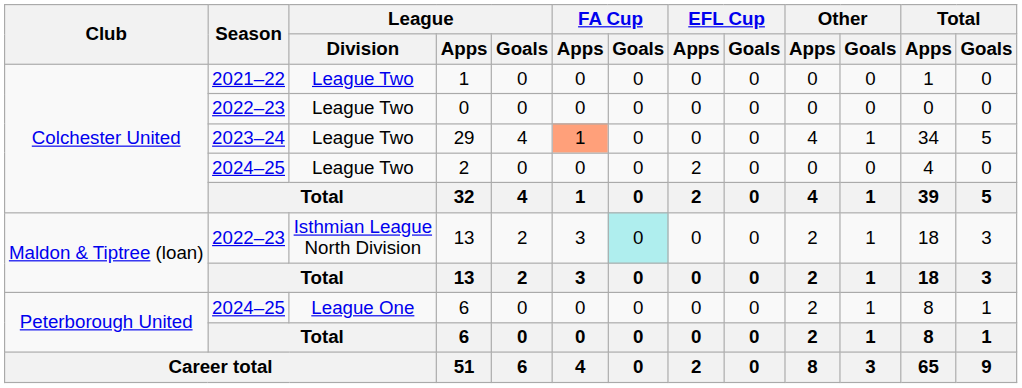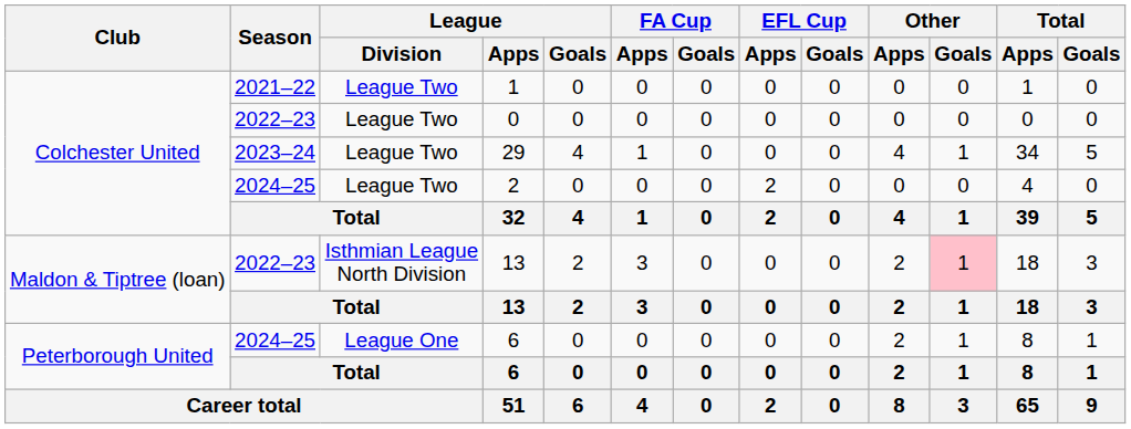 <table class="wikitable" style="text-align:center;">
 <tr>
 <th rowspan="2">Club</th>
 <th rowspan="2">Season</th>
 <th colspan="3">League</th>
 <th colspan="2"><a href='#'>FA Cup</a></th>
 <th colspan="2"><a href='#'>EFL Cup</a></th>
 <th colspan="2">Other</th>
 <th colspan="2">Total</th>
 </tr>
 <tr>
 <th>Division</th>
 <th>Apps</th>
 <th>Goals</th>
 <th>Apps</th>
 <th>Goals</th>
 <th>Apps</th>
 <th>Goals</th>
 <th>Apps</th>
 <th>Goals</th>
 <th>Apps</th>
 <th>Goals</th>
 </tr>
 <tr>
 <td rowspan="5"><a href='#'>Colchester United</a></td>
 <td><a href='#'>2021–22</a></td>
 <td><a href='#'>League Two</a></td>
 <td>1</td>
 <td>0</td>
 <td>0</td>
 <td>0</td>
 <td>0</td>
 <td>0</td>
 <td>0</td>
 <td>0</td>
 <td>1</td>
 <td>0</td>
 </tr>
 <tr>
 <td><a href='#'>2022–23</a></td>
 <td>League Two</td>
 <td>0</td>
 <td>0</td>
 <td>0</td>
 <td>0</td>
 <td>0</td>
 <td>0</td>
 <td>0</td>
 <td>0</td>
 <td>0</td>
 <td>0</td>
 </tr>
 <tr>
 <td><a href='#'>2023–24</a></td>
 <td>League Two</td>
 <td>29</td>
 <td>4</td>
-<td style="background: lightsalmon;">1</td>
+<td>1</td>
 <td>0</td>
 <td>0</td>
 <td>0</td>
 <td>4</td>
 <td>1</td>
 <td>34</td>
 <td>5</td>
 </tr>
 <tr>
 <td><a href='#'>2024–25</a></td>
 <td>League Two</td>
 <td>2</td>
 <td>0</td>
 <td>0</td>
 <td>0</td>
 <td>2</td>
 <td>0</td>
 <td>0</td>
 <td>0</td>
 <td>4</td>
 <td>0</td>
 </tr>
 <tr>
 <th colspan="2">Total</th>
 <th>32</th>
 <th>4</th>
 <th>1</th>
 <th>0</th>
 <th>2</th>
 <th>0</th>
 <th>4</th>
 <th>1</th>
 <th>39</th>
 <th>5</th>
 </tr>
 <tr>
 <td rowspan=2><a href='#'>Maldon & Tiptree</a> (loan)</td>
 <td><a href='#'>2022–23</a></td>
 <td><a href='#'>Isthmian League</a><br>North Division</td>
 <td>13</td>
 <td>2</td>
 <td>3</td>
-<td style="background: paleturquoise;">0</td>
+<td>0</td>
 <td>0</td>
 <td>0</td>
 <td>2</td>
-<td>1</td>
+<td style="background: pink;">1</td>
 <td>18</td>
 <td>3</td>
 </tr>
 <tr>
 <th colspan="2">Total</th>
 <th>13</th>
 <th>2</th>
 <th>3</th>
 <th>0</th>
 <th>0</th>
 <th>0</th>
 <th>2</th>
 <th>1</th>
 <th>18</th>
 <th>3</th>
 </tr>
 <tr>
 <td rowspan=2><a href='#'>Peterborough United</a></td>
 <td><a href='#'>2024–25</a></td>
 <td><a href='#'>League One</a></td>
 <td>6</td>
 <td>0</td>
 <td>0</td>
 <td>0</td>
 <td>0</td>
 <td>0</td>
 <td>2</td>
 <td>1</td>
 <td>8</td>
 <td>1</td>
 </tr>
 <tr>
 <th colspan="2">Total</th>
 <th>6</th>
 <th>0</th>
 <th>0</th>
 <th>0</th>
 <th>0</th>
 <th>0</th>
 <th>2</th>
 <th>1</th>
 <th>8</th>
 <th>1</th>
 </tr>
 <tr>
 <th colspan="3">Career total</th>
 <th>51</th>
 <th>6</th>
 <th>4</th>
 <th>0</th>
 <th>2</th>
 <th>0</th>
 <th>8</th>
 <th>3</th>
 <th>65</th>
 <th>9</th>
 </tr>
 </table>
